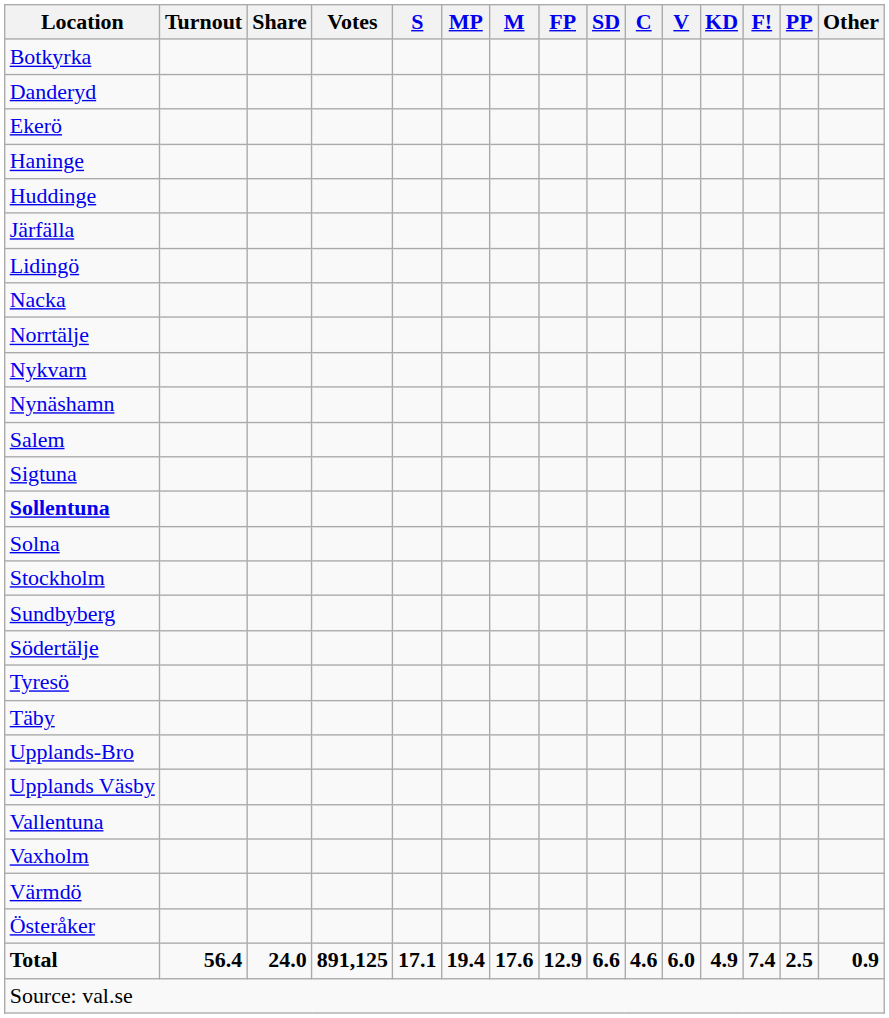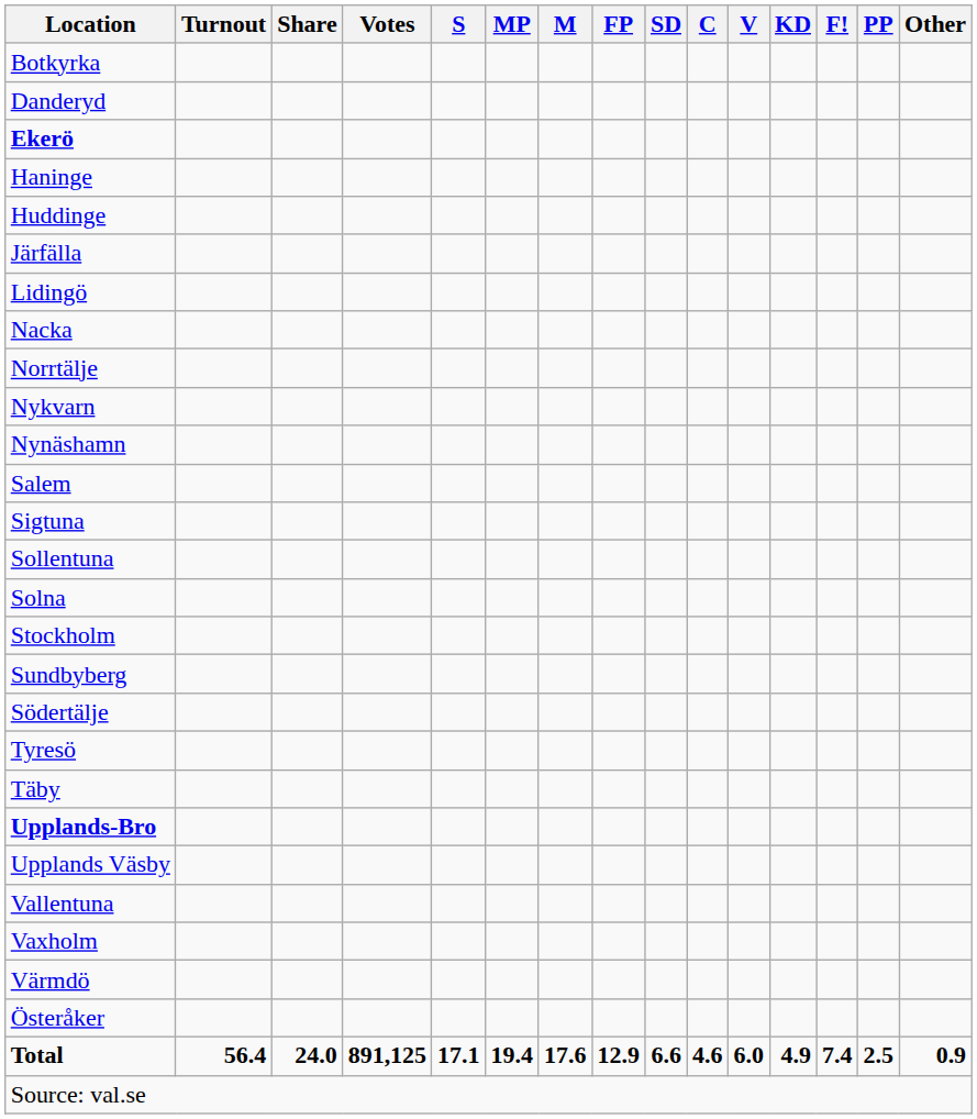 <table class="wikitable sortable" style=text-align:right>
 <tr>
 <th>Location</th>
 <th>Turnout</th>
 <th>Share</th>
 <th>Votes</th>
 <th><a href='#'>S</a></th>
 <th><a href='#'>MP</a></th>
 <th><a href='#'>M</a></th>
 <th><a href='#'>FP</a></th>
 <th><a href='#'>SD</a></th>
 <th><a href='#'>C</a></th>
 <th><a href='#'>V</a></th>
 <th><a href='#'>KD</a></th>
 <th><a href='#'>F!</a></th>
 <th><a href='#'>PP</a></th>
 <th>Other</th>
 </tr>
 <tr>
 <td align=left><a href='#'>Botkyrka</a></td>
 <td></td>
 <td></td>
 <td></td>
 <td></td>
 <td></td>
 <td></td>
 <td></td>
 <td></td>
 <td></td>
 <td></td>
 <td></td>
 <td></td>
 <td></td>
 <td></td>
 </tr>
 <tr>
 <td align=left><a href='#'>Danderyd</a></td>
 <td></td>
 <td></td>
 <td></td>
 <td></td>
 <td></td>
 <td></td>
 <td></td>
 <td></td>
 <td></td>
 <td></td>
 <td></td>
 <td></td>
 <td></td>
 <td></td>
 </tr>
 <tr>
-<td align=left><a href='#'>Ekerö</a></td>
+<td align=left><strong><a href='#'>Ekerö</a></strong></td>
 <td></td>
 <td></td>
 <td></td>
 <td></td>
 <td></td>
 <td></td>
 <td></td>
 <td></td>
 <td></td>
 <td></td>
 <td></td>
 <td></td>
 <td></td>
 <td></td>
 </tr>
 <tr>
 <td align=left><a href='#'>Haninge</a></td>
 <td></td>
 <td></td>
 <td></td>
 <td></td>
 <td></td>
 <td></td>
 <td></td>
 <td></td>
 <td></td>
 <td></td>
 <td></td>
 <td></td>
 <td></td>
 <td></td>
 </tr>
 <tr>
 <td align=left><a href='#'>Huddinge</a></td>
 <td></td>
 <td></td>
 <td></td>
 <td></td>
 <td></td>
 <td></td>
 <td></td>
 <td></td>
 <td></td>
 <td></td>
 <td></td>
 <td></td>
 <td></td>
 <td></td>
 </tr>
 <tr>
 <td align=left><a href='#'>Järfälla</a></td>
 <td></td>
 <td></td>
 <td></td>
 <td></td>
 <td></td>
 <td></td>
 <td></td>
 <td></td>
 <td></td>
 <td></td>
 <td></td>
 <td></td>
 <td></td>
 <td></td>
 </tr>
 <tr>
 <td align=left><a href='#'>Lidingö</a></td>
 <td></td>
 <td></td>
 <td></td>
 <td></td>
 <td></td>
 <td></td>
 <td></td>
 <td></td>
 <td></td>
 <td></td>
 <td></td>
 <td></td>
 <td></td>
 <td></td>
 </tr>
 <tr>
 <td align=left><a href='#'>Nacka</a></td>
 <td></td>
 <td></td>
 <td></td>
 <td></td>
 <td></td>
 <td></td>
 <td></td>
 <td></td>
 <td></td>
 <td></td>
 <td></td>
 <td></td>
 <td></td>
 <td></td>
 </tr>
 <tr>
 <td align=left><a href='#'>Norrtälje</a></td>
 <td></td>
 <td></td>
 <td></td>
 <td></td>
 <td></td>
 <td></td>
 <td></td>
 <td></td>
 <td></td>
 <td></td>
 <td></td>
 <td></td>
 <td></td>
 <td></td>
 </tr>
 <tr>
 <td align=left><a href='#'>Nykvarn</a></td>
 <td></td>
 <td></td>
 <td></td>
 <td></td>
 <td></td>
 <td></td>
 <td></td>
 <td></td>
 <td></td>
 <td></td>
 <td></td>
 <td></td>
 <td></td>
 <td></td>
 </tr>
 <tr>
 <td align=left><a href='#'>Nynäshamn</a></td>
 <td></td>
 <td></td>
 <td></td>
 <td></td>
 <td></td>
 <td></td>
 <td></td>
 <td></td>
 <td></td>
 <td></td>
 <td></td>
 <td></td>
 <td></td>
 <td></td>
 </tr>
 <tr>
 <td align=left><a href='#'>Salem</a></td>
 <td></td>
 <td></td>
 <td></td>
 <td></td>
 <td></td>
 <td></td>
 <td></td>
 <td></td>
 <td></td>
 <td></td>
 <td></td>
 <td></td>
 <td></td>
 <td></td>
 </tr>
 <tr>
 <td align=left><a href='#'>Sigtuna</a></td>
 <td></td>
 <td></td>
 <td></td>
 <td></td>
 <td></td>
 <td></td>
 <td></td>
 <td></td>
 <td></td>
 <td></td>
 <td></td>
 <td></td>
 <td></td>
 <td></td>
 </tr>
 <tr>
-<td align=left><strong><a href='#'>Sollentuna</a></strong></td>
+<td align=left><a href='#'>Sollentuna</a></td>
 <td></td>
 <td></td>
 <td></td>
 <td></td>
 <td></td>
 <td></td>
 <td></td>
 <td></td>
 <td></td>
 <td></td>
 <td></td>
 <td></td>
 <td></td>
 <td></td>
 </tr>
 <tr>
 <td align=left><a href='#'>Solna</a></td>
 <td></td>
 <td></td>
 <td></td>
 <td></td>
 <td></td>
 <td></td>
 <td></td>
 <td></td>
 <td></td>
 <td></td>
 <td></td>
 <td></td>
 <td></td>
 <td></td>
 </tr>
 <tr>
 <td align=left><a href='#'>Stockholm</a></td>
 <td></td>
 <td></td>
 <td></td>
 <td></td>
 <td></td>
 <td></td>
 <td></td>
 <td></td>
 <td></td>
 <td></td>
 <td></td>
 <td></td>
 <td></td>
 <td></td>
 </tr>
 <tr>
 <td align=left><a href='#'>Sundbyberg</a></td>
 <td></td>
 <td></td>
 <td></td>
 <td></td>
 <td></td>
 <td></td>
 <td></td>
 <td></td>
 <td></td>
 <td></td>
 <td></td>
 <td></td>
 <td></td>
 <td></td>
 </tr>
 <tr>
 <td align=left><a href='#'>Södertälje</a></td>
 <td></td>
 <td></td>
 <td></td>
 <td></td>
 <td></td>
 <td></td>
 <td></td>
 <td></td>
 <td></td>
 <td></td>
 <td></td>
 <td></td>
 <td></td>
 <td></td>
 </tr>
 <tr>
 <td align=left><a href='#'>Tyresö</a></td>
 <td></td>
 <td></td>
 <td></td>
 <td></td>
 <td></td>
 <td></td>
 <td></td>
 <td></td>
 <td></td>
 <td></td>
 <td></td>
 <td></td>
 <td></td>
 <td></td>
 </tr>
 <tr>
 <td align=left><a href='#'>Täby</a></td>
 <td></td>
 <td></td>
 <td></td>
 <td></td>
 <td></td>
 <td></td>
 <td></td>
 <td></td>
 <td></td>
 <td></td>
 <td></td>
 <td></td>
 <td></td>
 <td></td>
 </tr>
 <tr>
-<td align=left><a href='#'>Upplands-Bro</a></td>
+<td align=left><strong><a href='#'>Upplands-Bro</a></strong></td>
 <td></td>
 <td></td>
 <td></td>
 <td></td>
 <td></td>
 <td></td>
 <td></td>
 <td></td>
 <td></td>
 <td></td>
 <td></td>
 <td></td>
 <td></td>
 <td></td>
 </tr>
 <tr>
 <td align=left><a href='#'>Upplands Väsby</a></td>
 <td></td>
 <td></td>
 <td></td>
 <td></td>
 <td></td>
 <td></td>
 <td></td>
 <td></td>
 <td></td>
 <td></td>
 <td></td>
 <td></td>
 <td></td>
 <td></td>
 </tr>
 <tr>
 <td align=left><a href='#'>Vallentuna</a></td>
 <td></td>
 <td></td>
 <td></td>
 <td></td>
 <td></td>
 <td></td>
 <td></td>
 <td></td>
 <td></td>
 <td></td>
 <td></td>
 <td></td>
 <td></td>
 <td></td>
 </tr>
 <tr>
 <td align=left><a href='#'>Vaxholm</a></td>
 <td></td>
 <td></td>
 <td></td>
 <td></td>
 <td></td>
 <td></td>
 <td></td>
 <td></td>
 <td></td>
 <td></td>
 <td></td>
 <td></td>
 <td></td>
 <td></td>
 </tr>
 <tr>
 <td align=left><a href='#'>Värmdö</a></td>
 <td></td>
 <td></td>
 <td></td>
 <td></td>
 <td></td>
 <td></td>
 <td></td>
 <td></td>
 <td></td>
 <td></td>
 <td></td>
 <td></td>
 <td></td>
 <td></td>
 </tr>
 <tr>
 <td align=left><a href='#'>Österåker</a></td>
 <td></td>
 <td></td>
 <td></td>
 <td></td>
 <td></td>
 <td></td>
 <td></td>
 <td></td>
 <td></td>
 <td></td>
 <td></td>
 <td></td>
 <td></td>
 <td></td>
 </tr>
 <tr>
 <td align=left><strong>Total</strong></td>
 <td><strong>56.4</strong></td>
 <td><strong>24.0</strong></td>
 <td><strong>891,125</strong></td>
 <td><strong>17.1</strong></td>
 <td><strong>19.4</strong></td>
 <td><strong>17.6</strong></td>
 <td><strong>12.9</strong></td>
 <td><strong>6.6</strong></td>
 <td><strong>4.6</strong></td>
 <td><strong>6.0</strong></td>
 <td><strong>4.9</strong></td>
 <td><strong>7.4</strong></td>
 <td><strong>2.5</strong></td>
 <td><strong>0.9</strong></td>
 </tr>
 <tr>
 <td align=left colspan=15>Source: val.se </td>
 </tr>
 </table>
